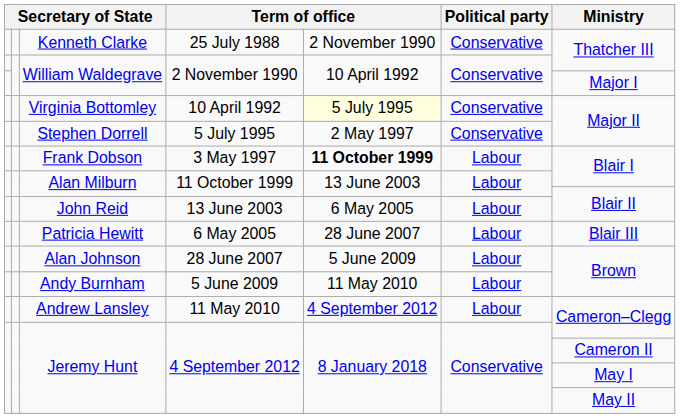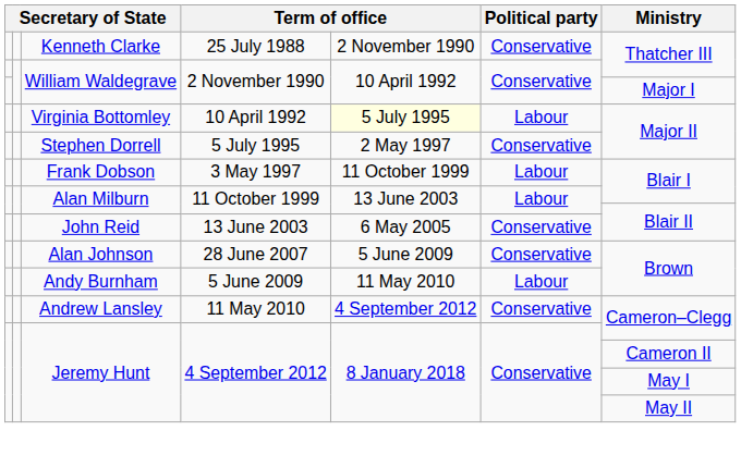 <table class="wikitable" style="text-align:center">
 <tr>
 <th colspan=3>Secretary of State</th>
 <th colspan=2>Term of office</th>
 <th>Political party</th>
 <th>Ministry</th>
 </tr>
 <tr style="height:1em">
 <td style="background-color:"></td>
 <td></td>
 <td><a href='#'>Kenneth Clarke</a><br></td>
 <td>25 July 1988</td>
 <td>2 November 1990</td>
 <td><a href='#'>Conservative</a></td>
 <td rowspan=2 ><a href='#'>Thatcher III</a></td>
 </tr>
 <tr style="height:1em">
 <td style="background-color:"></td>
 <td rowspan=2></td>
 <td rowspan=2><a href='#'>William Waldegrave</a><br></td>
 <td rowspan=2>2 November 1990</td>
 <td rowspan=2>10 April 1992</td>
 <td rowspan=2><a href='#'>Conservative</a></td>
 </tr>
 <tr style="height:1em">
 <td style="background-color:"></td>
 <td><a href='#'>Major I</a></td>
 </tr>
 <tr style="height:1em">
 <td style="background-color:"></td>
 <td></td>
 <td><a href='#'>Virginia Bottomley</a><br></td>
 <td>10 April 1992</td>
 <td style="background: lightyellow;">5 July 1995</td>
-<td><a href='#'>Conservative</a></td>
+<td><a href='#'>Labour</a></td>
 <td rowspan=2 ><a href='#'>Major II</a></td>
 </tr>
 <tr style="height:1em">
 <td style="background-color:"></td>
 <td></td>
 <td><a href='#'>Stephen Dorrell</a><br></td>
 <td>5 July 1995</td>
 <td>2 May 1997</td>
 <td><a href='#'>Conservative</a></td>
 </tr>
 <tr style="height:1em">
 <td style="background-color:"></td>
 <td></td>
 <td><a href='#'>Frank Dobson</a><br></td>
 <td>3 May 1997</td>
-<td><strong>11 October 1999</strong></td>
+<td>11 October 1999</td>
 <td><a href='#'>Labour</a></td>
 <td rowspan=2 ><a href='#'>Blair I</a></td>
 </tr>
 <tr style="height:1em">
 <td rowspan=2 style="background-color:"></td>
 <td rowspan=2></td>
 <td rowspan=2><a href='#'>Alan Milburn</a><br></td>
 <td rowspan=2>11 October 1999</td>
 <td rowspan=2>13 June 2003</td>
 <td rowspan=2><a href='#'>Labour</a></td>
 </tr>
 <tr>
 <td rowspan=2 ><a href='#'>Blair II</a></td>
 </tr>
 <tr style="height:1em">
 <td style="background-color:"></td>
 <td></td>
 <td><a href='#'>John Reid</a><br></td>
 <td>13 June 2003</td>
 <td>6 May 2005</td>
-<td><a href='#'>Labour</a></td>
-</tr>
-<tr style="height:1em">
-<td style="background-color:"></td>
-<td></td>
-<td><a href='#'>Patricia Hewitt</a><br></td>
-<td>6 May 2005</td>
-<td>28 June 2007</td>
-<td><a href='#'>Labour</a></td>
-<td><a href='#'>Blair III</a></td>
+<td><a href='#'>Conservative</a></td>
 </tr>
 <tr style="height:1em">
 <td style="background-color:"></td>
 <td></td>
 <td><a href='#'>Alan Johnson</a><br></td>
 <td>28 June 2007</td>
 <td>5 June 2009</td>
-<td><a href='#'>Labour</a></td>
+<td><a href='#'>Conservative</a></td>
 <td rowspan=2 ><a href='#'>Brown</a></td>
 </tr>
 <tr style="height:1em">
 <td style="background-color:"></td>
 <td></td>
 <td><a href='#'>Andy Burnham</a><br></td>
 <td>5 June 2009</td>
 <td>11 May 2010</td>
 <td><a href='#'>Labour</a></td>
 </tr>
 <tr style="height:1em">
 <td style="background-color:"></td>
 <td></td>
 <td><a href='#'>Andrew Lansley</a><br></td>
 <td>11 May 2010</td>
 <td><a href='#'>4 September 2012</a></td>
-<td><a href='#'>Labour</a></td>
+<td><a href='#'>Conservative</a></td>
 <td rowspan=2 ><a href='#'>Cameron–Clegg</a><br></td>
 </tr>
 <tr style="height:1em">
 <td rowspan=5 style="background-color:"></td>
 <td rowspan=5></td>
 <td rowspan=5><a href='#'>Jeremy Hunt</a><br></td>
 <td rowspan=5><a href='#'>4 September 2012</a></td>
 <td rowspan=5><a href='#'>8 January 2018</a></td>
 <td rowspan=5><a href='#'>Conservative</a></td>
 </tr>
 <tr style="height:1em">
 <td><a href='#'>Cameron II</a></td>
 </tr>
 <tr style="height:1em">
 <td><a href='#'>May I</a></td>
 </tr>
 <tr style="height:1em">
 <td><a href='#'>May II</a></td>
 </tr>
 </table>
